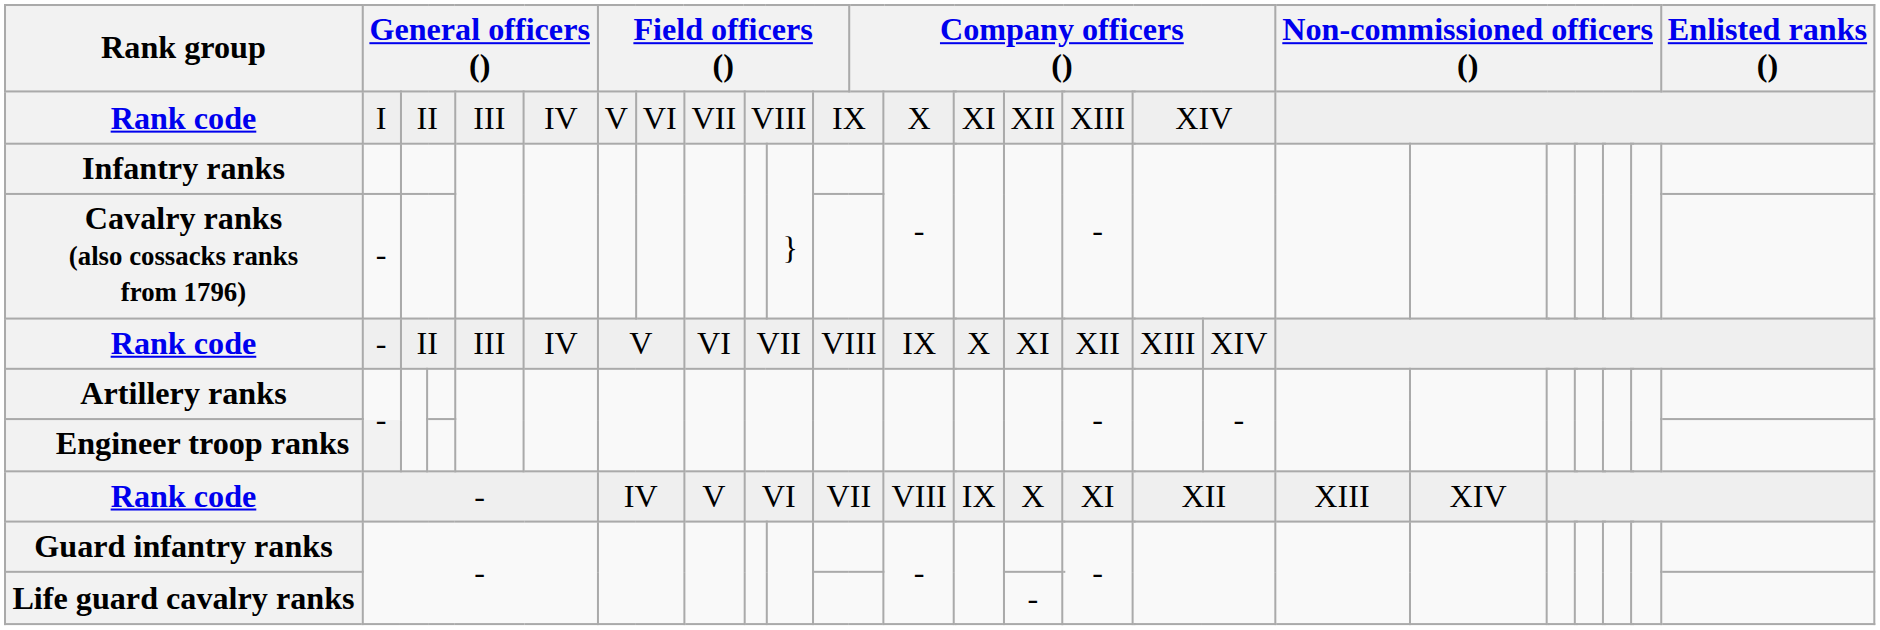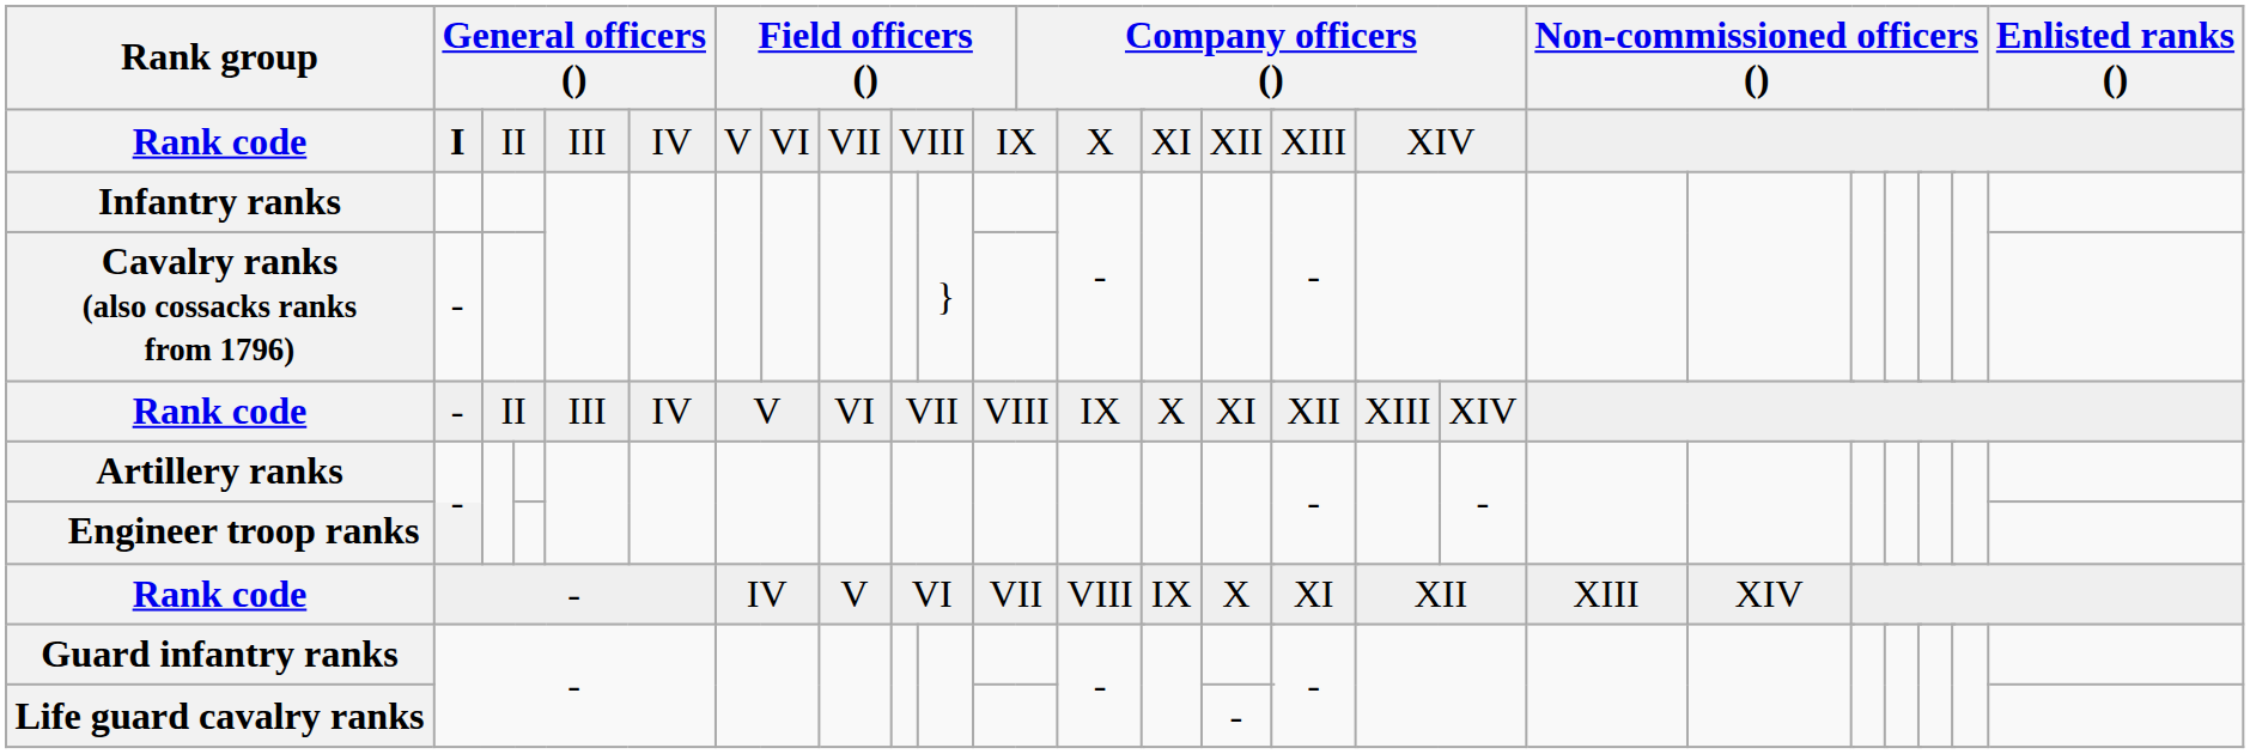 <table class="wikitable">
 <tr align="center" style="background:#cfcfcf;">
 <th>Rank group</th>
 <th colspan="5"><a href='#'>General officers</a><br>()</th>
 <th colspan="6"><a href='#'>Field officers</a><br>()</th>
 <th colspan=11><a href='#'>Company officers</a><br>()</th>
 <th colspan=12><a href='#'>Non-commissioned officers</a><br>()</th>
 <th colspan=2><a href='#'>Enlisted ranks</a><br>()</th>
 </tr>
 <tr style="background:#efefef;text-align:center;">
 <th><a href='#'>Rank code</a></th>
-<td>I</td>
+<td><strong>I</strong></td>
 <td colspan=2>II</td>
 <td>III</td>
 <td>IV</td>
 <td>V</td>
 <td>VI</td>
 <td>VII</td>
 <td colspan=2>VIII</td>
 <td colspan=2>IX</td>
 <td colspan=2>X</td>
 <td colspan=2>XI</td>
 <td colspan=2>XII</td>
 <td colspan=2>XIII</td>
 <td colspan=2>XIV</td>
 <td colspan=16></td>
 </tr>
 <tr style="text-align:center;">
 <th>Infantry ranks</th>
 <td><br></td>
 <td colspan=2><br></td>
 <td rowspan="2"><br></td>
 <td rowspan="2"><br></td>
 <td rowspan="2"><br></td>
 <td rowspan="2"><br></td>
 <td rowspan="2"><br></td>
 <td colspan=1 rowspan=2><br></td>
 <td colspan=1 rowspan=2><br>}</td>
 <td colspan=2><br></td>
 <td colspan=2 rowspan=2>-</td>
 <td colspan=2 rowspan=2><br></td>
 <td colspan=2 rowspan=2><br></td>
 <td colspan=2 rowspan=2>-</td>
 <td colspan=2 rowspan=2><br></td>
 <td colspan=2 rowspan=2><br></td>
 <td colspan=2 rowspan=2><br></td>
 <td colspan=2 rowspan=2><br></td>
 <td colspan=2 rowspan=2><br></td>
 <td colspan=2 rowspan=2><br></td>
 <td colspan=2 rowspan=2><br></td>
 <td colspan=2><br></td>
 </tr>
 <tr style="text-align:center;">
 <th>Cavalry ranks<br><small>(also сossacks ranks<br>from 1796)</small></th>
 <td>-</td>
 <td colspan=2><br></td>
 <td colspan=2><br></td>
 <td colspan=2><br></td>
 </tr>
 <tr style="background:#efefef;text-align:center;">
 <th><a href='#'>Rank code</a></th>
 <td>-</td>
 <td colspan=2>II</td>
 <td>III</td>
 <td>IV</td>
 <td colspan="2">V</td>
 <td>VI</td>
 <td colspan=2>VII</td>
 <td colspan=2>VIII</td>
 <td colspan=2>IX</td>
 <td colspan=2>X</td>
 <td colspan=2>XI</td>
 <td colspan=2>XII</td>
 <td colspan=1>XIII</td>
 <td colspan=1>XIV</td>
 <td colspan=14></td>
 </tr>
 <tr style="text-align:center;">
 <th>Artillery ranks</th>
 <td rowspan="2">-</td>
 <td rowspan=2 colspan=1><br></td>
 <td colspan=1><br></td>
 <td rowspan="2"><br></td>
 <td rowspan="2"><br></td>
 <td colspan="2" rowspan="2"><br></td>
 <td rowspan="2"><br></td>
 <td rowspan=2 colspan=2><br></td>
 <td rowspan=2 colspan=2><br></td>
 <td rowspan=2 colspan=2><br></td>
 <td rowspan=2 colspan=2><br></td>
 <td rowspan=2 colspan=2><br></td>
 <td rowspan=2 colspan=2>-</td>
 <td rowspan=2 colspan=1><br></td>
 <td rowspan=2 colspan=1>-</td>
 <td rowspan=2 colspan=2><br></td>
 <td rowspan=2 colspan=2><br></td>
 <td rowspan=2 colspan=2><br></td>
 <td rowspan=2 colspan=2><br></td>
 <td rowspan=2 colspan=2><br></td>
 <td rowspan=2 colspan=2><br></td>
 <td colspan=2><br></td>
 </tr>
 <tr style="text-align:center;">
 <th colspan=2>Engineer troop ranks</th>
 <td colspan=1><br></td>
 <td colspan=2><br></td>
 </tr>
 <tr style="background:#efefef;text-align:center;">
 <th><a href='#'>Rank code</a></th>
 <td colspan="5">-</td>
 <td colspan="2">IV</td>
 <td>V</td>
 <td colspan=2>VI</td>
 <td colspan=2>VII</td>
 <td colspan=2>VIII</td>
 <td colspan=2>IX</td>
 <td colspan=2>X</td>
 <td colspan=2>XI</td>
 <td colspan=2>XII</td>
 <td colspan=2>XIII</td>
 <td colspan=2>XIV</td>
 <td colspan=14></td>
 </tr>
 <tr style="text-align:center;">
 <th>Guard infantry ranks</th>
 <td colspan="5" rowspan="2">-</td>
 <td colspan="2" rowspan="2"><br></td>
 <td rowspan="2"><br></td>
 <td rowspan=2 colspan=1><br></td>
 <td rowspan=2 colspan=1><br></td>
 <td colspan=2><br></td>
 <td rowspan=2 colspan=2>-</td>
 <td rowspan=2 colspan=2><br></td>
 <td colspan=2><br></td>
 <td rowspan=2 colspan=2>-</td>
 <td rowspan=2 colspan=2><br></td>
 <td rowspan=2 colspan=2><br></td>
 <td rowspan=2 colspan=2><br></td>
 <td rowspan=2 colspan=2><br></td>
 <td rowspan=2 colspan=2><br></td>
 <td rowspan=2 colspan=2><br></td>
 <td rowspan=2 colspan=2><br></td>
 <td colspan=2><br></td>
 </tr>
 <tr style="text-align:center;">
 <th>Life guard cavalry ranks</th>
 <td colspan=2><br></td>
 <td colspan=2>-</td>
 <td colspan=2><br></td>
 </tr>
 </table>
